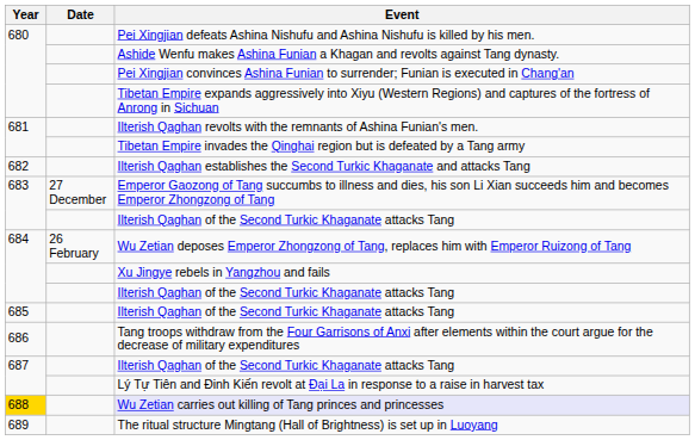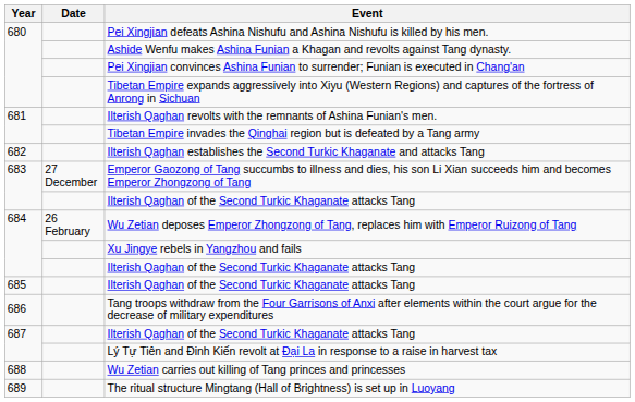 <table class="wikitable" width="100%">
 <tr>
 <th style="width:6%">Year</th>
 <th style="width:10%">Date</th>
 <th>Event</th>
 </tr>
 <tr>
 <td rowspan="4" valign="top">680</td>
 <td></td>
 <td><a href='#'>Pei Xingjian</a> defeats Ashina Nishufu and Ashina Nishufu is killed by his men.</td>
 </tr>
 <tr>
 <td></td>
 <td><a href='#'>Ashide</a> Wenfu makes <a href='#'>Ashina Funian</a> a Khagan and revolts against Tang dynasty.</td>
 </tr>
 <tr>
 <td></td>
 <td><a href='#'>Pei Xingjian</a> convinces <a href='#'>Ashina Funian</a> to surrender; Funian is executed in <a href='#'>Chang'an</a></td>
 </tr>
 <tr>
 <td></td>
 <td><a href='#'>Tibetan Empire</a> expands aggressively into Xiyu (Western Regions) and captures of the fortress of <a href='#'>Anrong</a> in <a href='#'>Sichuan</a></td>
 </tr>
 <tr>
 <td rowspan="2" valign="top">681</td>
 <td></td>
 <td><a href='#'>Ilterish Qaghan</a> revolts with the remnants of Ashina Funian's men.</td>
 </tr>
 <tr>
 <td></td>
 <td><a href='#'>Tibetan Empire</a> invades the <a href='#'>Qinghai</a> region but is defeated by a Tang army</td>
 </tr>
 <tr>
 <td>682</td>
 <td></td>
 <td><a href='#'>Ilterish Qaghan</a> establishes the <a href='#'>Second Turkic Khaganate</a> and attacks Tang</td>
 </tr>
 <tr>
 <td rowspan="2" valign="top">683</td>
 <td>27 December</td>
 <td><a href='#'>Emperor Gaozong of Tang</a> succumbs to illness and dies, his son Li Xian succeeds him and becomes <a href='#'>Emperor Zhongzong of Tang</a></td>
 </tr>
 <tr>
 <td></td>
 <td><a href='#'>Ilterish Qaghan</a> of the <a href='#'>Second Turkic Khaganate</a> attacks Tang</td>
 </tr>
 <tr>
 <td rowspan="3" valign="top">684</td>
 <td>26 February</td>
 <td><a href='#'>Wu Zetian</a> deposes <a href='#'>Emperor Zhongzong of Tang</a>, replaces him with <a href='#'>Emperor Ruizong of Tang</a></td>
 </tr>
 <tr>
 <td></td>
 <td><a href='#'>Xu Jingye</a> rebels in <a href='#'>Yangzhou</a> and fails</td>
 </tr>
 <tr>
 <td></td>
 <td><a href='#'>Ilterish Qaghan</a> of the <a href='#'>Second Turkic Khaganate</a> attacks Tang</td>
 </tr>
 <tr>
 <td>685</td>
 <td></td>
 <td><a href='#'>Ilterish Qaghan</a> of the <a href='#'>Second Turkic Khaganate</a> attacks Tang</td>
 </tr>
 <tr>
 <td>686</td>
 <td></td>
 <td>Tang troops withdraw from the <a href='#'>Four Garrisons of Anxi</a> after elements within the court argue for the decrease of military expenditures</td>
 </tr>
 <tr>
 <td rowspan="2" valign="top">687</td>
 <td></td>
 <td><a href='#'>Ilterish Qaghan</a> of the <a href='#'>Second Turkic Khaganate</a> attacks Tang</td>
 </tr>
 <tr>
 <td></td>
 <td>Lý Tự Tiên and Đinh Kiến revolt at <a href='#'>Đại La</a> in response to a raise in harvest tax</td>
 </tr>
 <tr>
-<td style="background: gold;">688</td>
+<td>688</td>
 <td></td>
-<td style="background: lavender;"><a href='#'>Wu Zetian</a> carries out killing of Tang princes and princesses</td>
+<td><a href='#'>Wu Zetian</a> carries out killing of Tang princes and princesses</td>
 </tr>
 <tr>
 <td>689</td>
 <td></td>
 <td>The ritual structure Mingtang (Hall of Brightness) is set up in <a href='#'>Luoyang</a></td>
 </tr>
 </table>
